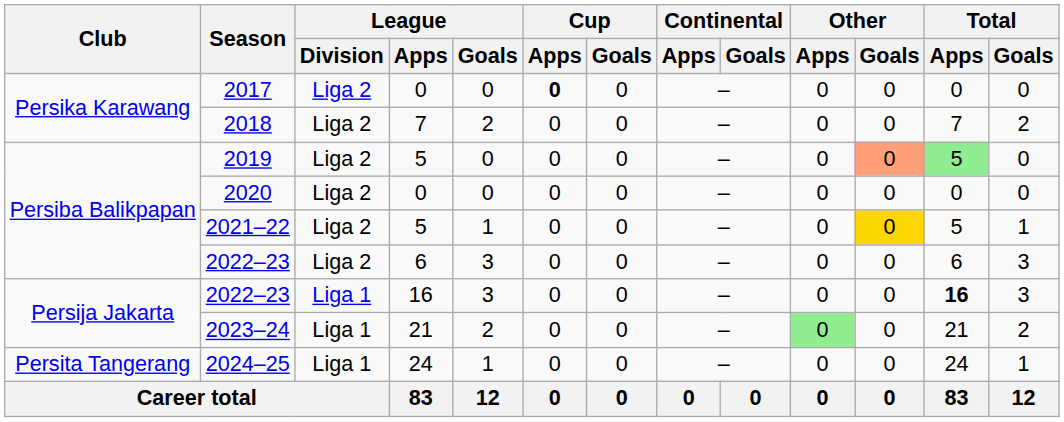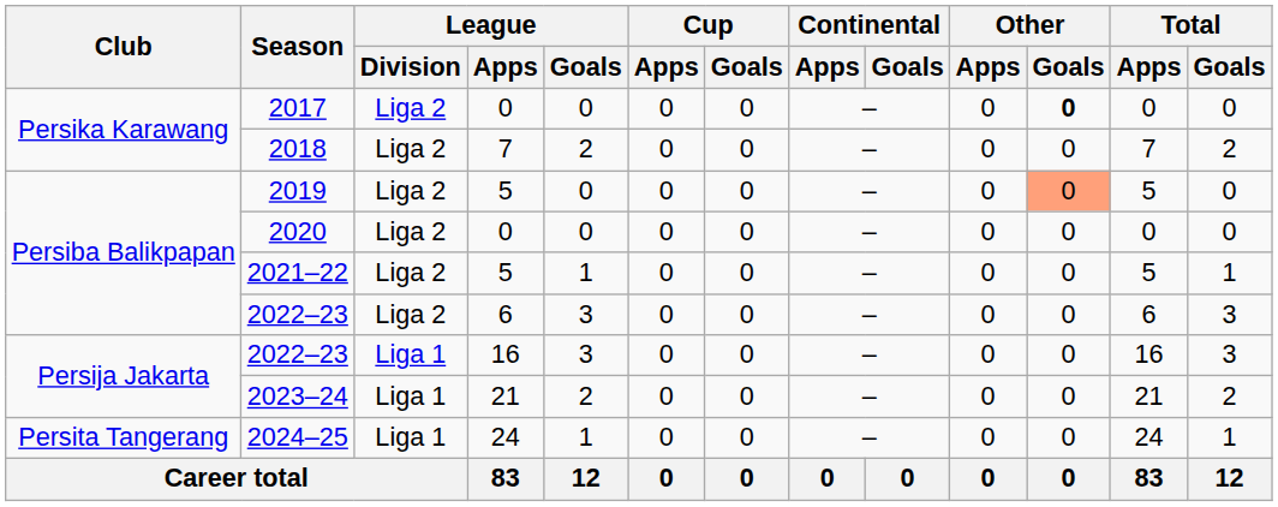 <table class="wikitable" style="text-align:center">
 <tr>
 <th rowspan="2">Club</th>
 <th rowspan="2">Season</th>
 <th colspan="3">League</th>
 <th colspan="2">Cup</th>
 <th colspan="2">Continental</th>
 <th colspan="2">Other</th>
 <th colspan="2">Total</th>
 </tr>
 <tr>
 <th>Division</th>
 <th>Apps</th>
 <th>Goals</th>
 <th>Apps</th>
 <th>Goals</th>
 <th>Apps</th>
 <th>Goals</th>
 <th>Apps</th>
 <th>Goals</th>
 <th>Apps</th>
 <th>Goals</th>
 </tr>
 <tr>
 <td rowspan="2" valign="center"><a href='#'>Persika Karawang</a></td>
 <td><a href='#'>2017</a></td>
 <td rowspan="1" valign="center"><a href='#'>Liga 2</a></td>
 <td>0</td>
 <td>0</td>
-<td><strong>0</strong></td>
+<td>0</td>
 <td>0</td>
 <td colspan="2">–</td>
 <td>0</td>
-<td>0</td>
+<td><strong>0</strong></td>
 <td>0</td>
 <td>0</td>
 </tr>
 <tr>
 <td><a href='#'>2018</a></td>
 <td rowspan="1">Liga 2</td>
 <td>7</td>
 <td>2</td>
 <td>0</td>
 <td>0</td>
 <td colspan="2">–</td>
 <td>0</td>
 <td>0</td>
 <td>7</td>
 <td>2</td>
 </tr>
 <tr>
 <td rowspan="4"><a href='#'>Persiba Balikpapan</a></td>
 <td><a href='#'>2019</a></td>
 <td rowspan="1">Liga 2</td>
 <td>5</td>
 <td>0</td>
 <td>0</td>
 <td>0</td>
 <td colspan="2">–</td>
 <td>0</td>
 <td style="background: lightsalmon;">0</td>
-<td style="background: lightgreen;">5</td>
+<td>5</td>
 <td>0</td>
 </tr>
 <tr>
 <td><a href='#'>2020</a></td>
 <td rowspan="1">Liga 2</td>
 <td>0</td>
 <td>0</td>
 <td>0</td>
 <td>0</td>
 <td colspan="2">–</td>
 <td>0</td>
 <td>0</td>
 <td>0</td>
 <td>0</td>
 </tr>
 <tr>
 <td><a href='#'>2021–22</a></td>
 <td rowspan="1">Liga 2</td>
 <td>5</td>
 <td>1</td>
 <td>0</td>
 <td>0</td>
 <td colspan="2">–</td>
 <td>0</td>
-<td style="background: gold;">0</td>
+<td>0</td>
 <td>5</td>
 <td>1</td>
 </tr>
 <tr>
 <td><a href='#'>2022–23</a></td>
 <td rowspan="1">Liga 2</td>
 <td>6</td>
 <td>3</td>
 <td>0</td>
 <td>0</td>
 <td colspan="2">–</td>
 <td>0</td>
 <td>0</td>
 <td>6</td>
 <td>3</td>
 </tr>
 <tr>
 <td rowspan="2"><a href='#'>Persija Jakarta</a></td>
 <td><a href='#'>2022–23</a></td>
 <td rowspan="1"><a href='#'>Liga 1</a></td>
 <td>16</td>
 <td>3</td>
 <td>0</td>
 <td>0</td>
 <td colspan="2">–</td>
 <td>0</td>
 <td>0</td>
-<td><strong>16</strong></td>
+<td>16</td>
 <td>3</td>
 </tr>
 <tr>
 <td><a href='#'>2023–24</a></td>
 <td rowspan="1" valign="center">Liga 1</td>
 <td>21</td>
 <td>2</td>
 <td>0</td>
 <td>0</td>
 <td colspan="2">–</td>
-<td style="background: lightgreen;">0</td>
+<td>0</td>
 <td>0</td>
 <td>21</td>
 <td>2</td>
 </tr>
 <tr>
 <td rowspan="1"><a href='#'>Persita Tangerang</a></td>
 <td><a href='#'>2024–25</a></td>
 <td>Liga 1</td>
 <td>24</td>
 <td>1</td>
 <td>0</td>
 <td>0</td>
 <td colspan="2">–</td>
 <td>0</td>
 <td>0</td>
 <td>24</td>
 <td>1</td>
 </tr>
 <tr>
 <th colspan="3">Career total</th>
 <th>83</th>
 <th>12</th>
 <th>0</th>
 <th>0</th>
 <th>0</th>
 <th>0</th>
 <th>0</th>
 <th>0</th>
 <th>83</th>
 <th>12</th>
 </tr>
 </table>
